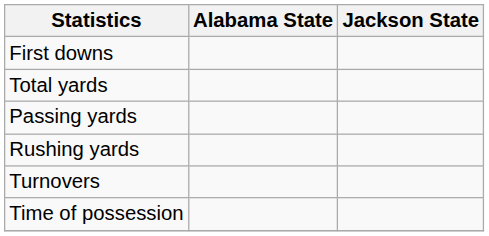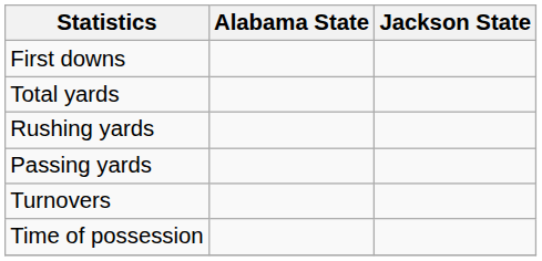 <table class="wikitable">
 <tr>
 <th>Statistics</th>
 <th>Alabama State</th>
 <th>Jackson State</th>
 </tr>
 <tr>
 <td>First downs</td>
 <td> </td>
 <td> </td>
 </tr>
 <tr>
 <td>Total yards</td>
 <td> </td>
 <td> </td>
 </tr>
 <tr>
-<td>Passing yards</td>
+<td>Rushing yards</td>
 <td> </td>
 <td> </td>
 </tr>
 <tr>
-<td>Rushing yards</td>
+<td>Passing yards</td>
 <td> </td>
 <td> </td>
 </tr>
 <tr>
 <td>Turnovers</td>
 <td> </td>
 <td> </td>
 </tr>
 <tr>
 <td>Time of possession</td>
 <td> </td>
 <td> </td>
 </tr>
 <tr>
 </tr>
 </table>
